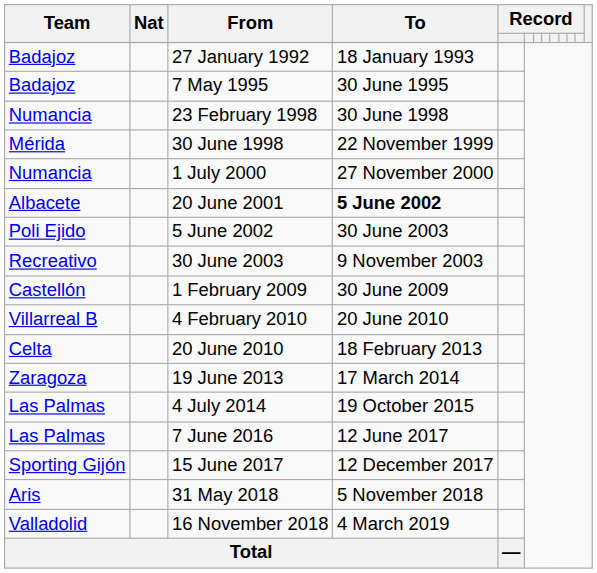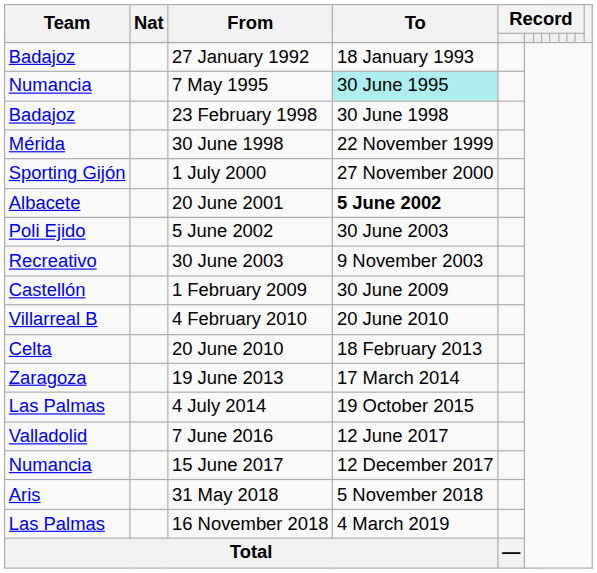 <table class="wikitable" style="text-align: center">
 <tr>
 <th rowspan="2">Team</th>
 <th rowspan="2">Nat</th>
 <th rowspan="2">From</th>
 <th rowspan="2">To</th>
 <th colspan="8">Record</th>
 <th rowspan=2></th>
 </tr>
 <tr>
 <th></th>
 <th></th>
 <th></th>
 <th></th>
 <th></th>
 <th></th>
 <th></th>
 <th></th>
 </tr>
 <tr>
 </tr>
 <tr>
 <td align="left"><a href='#'>Badajoz</a></td>
 <td></td>
 <td align=left>27 January 1992</td>
 <td align=left>18 January 1993<br></td>
 <td></td>
 </tr>
 <tr>
-<td align="left"><a href='#'>Badajoz</a></td>
+<td align="left"><a href='#'>Numancia</a></td>
 <td></td>
 <td align=left>7 May 1995</td>
-<td align=left>30 June 1995<br></td>
+<td align=left style="background: paleturquoise;">30 June 1995<br></td>
 <td></td>
 </tr>
 <tr>
-<td align="left"><a href='#'>Numancia</a></td>
+<td align="left"><a href='#'>Badajoz</a></td>
 <td></td>
 <td align=left>23 February 1998</td>
 <td align=left>30 June 1998<br></td>
 <td></td>
 </tr>
 <tr>
 <td align="left"><a href='#'>Mérida</a></td>
 <td></td>
 <td align=left>30 June 1998</td>
 <td align=left>22 November 1999<br></td>
 <td></td>
 </tr>
 <tr>
-<td align="left"><a href='#'>Numancia</a></td>
+<td align="left"><a href='#'>Sporting Gijón</a></td>
 <td></td>
 <td align=left>1 July 2000</td>
 <td align=left>27 November 2000<br></td>
 <td></td>
 </tr>
 <tr>
 <td align="left"><a href='#'>Albacete</a></td>
 <td></td>
 <td align=left>20 June 2001</td>
 <td align=left><strong>5 June 2002<br></strong></td>
 <td></td>
 </tr>
 <tr>
 <td align="left"><a href='#'>Poli Ejido</a></td>
 <td></td>
 <td align=left>5 June 2002</td>
 <td align=left>30 June 2003<br></td>
 <td></td>
 </tr>
 <tr>
 <td align="left"><a href='#'>Recreativo</a></td>
 <td></td>
 <td align=left>30 June 2003</td>
 <td align=left>9 November 2003<br></td>
 <td></td>
 </tr>
 <tr>
 <td align="left"><a href='#'>Castellón</a></td>
 <td></td>
 <td align=left>1 February 2009</td>
 <td align=left>30 June 2009<br></td>
 <td></td>
 </tr>
 <tr>
 <td align="left"><a href='#'>Villarreal B</a></td>
 <td></td>
 <td align=left>4 February 2010</td>
 <td align=left>20 June 2010<br></td>
 <td></td>
 </tr>
 <tr>
 <td align="left"><a href='#'>Celta</a></td>
 <td></td>
 <td align=left>20 June 2010</td>
 <td align=left>18 February 2013<br></td>
 <td></td>
 </tr>
 <tr>
 <td align="left"><a href='#'>Zaragoza</a></td>
 <td></td>
 <td align=left>19 June 2013</td>
 <td align=left>17 March 2014<br></td>
 <td></td>
 </tr>
 <tr>
 <td align="left"><a href='#'>Las Palmas</a></td>
 <td></td>
 <td align=left>4 July 2014</td>
 <td align=left>19 October 2015<br></td>
 <td></td>
 </tr>
 <tr>
-<td align="left"><a href='#'>Las Palmas</a></td>
+<td align="left"><a href='#'>Valladolid</a></td>
 <td></td>
 <td align=left>7 June 2016</td>
 <td align=left>12 June 2017<br></td>
 <td></td>
 </tr>
 <tr>
-<td align="left"><a href='#'>Sporting Gijón</a></td>
+<td align="left"><a href='#'>Numancia</a></td>
 <td></td>
 <td align=left>15 June 2017</td>
 <td align=left>12 December 2017<br></td>
 <td></td>
 </tr>
 <tr>
 <td align="left"><a href='#'>Aris</a></td>
 <td></td>
 <td align=left>31 May 2018</td>
 <td align=left>5 November 2018<br></td>
 <td></td>
 </tr>
 <tr>
-<td align="left"><a href='#'>Valladolid</a></td>
+<td align="left"><a href='#'>Las Palmas</a></td>
 <td></td>
 <td align=left>16 November 2018</td>
 <td align=left>4 March 2019<br></td>
 <td></td>
 </tr>
 <tr>
 <th colspan="4">Total<br></th>
 <th>—</th>
 </tr>
 </table>
